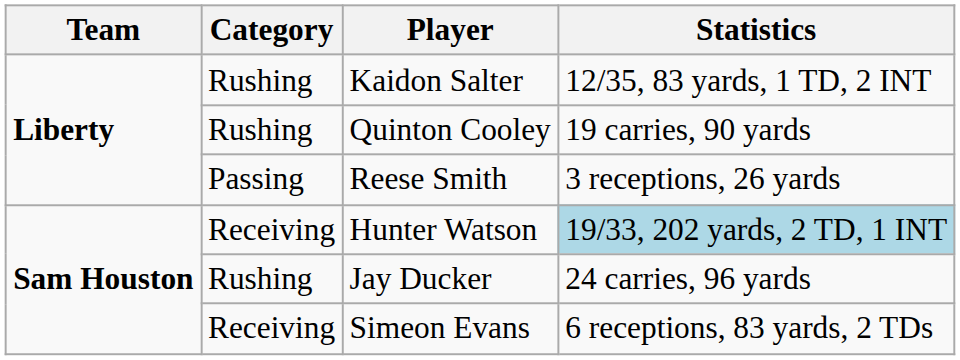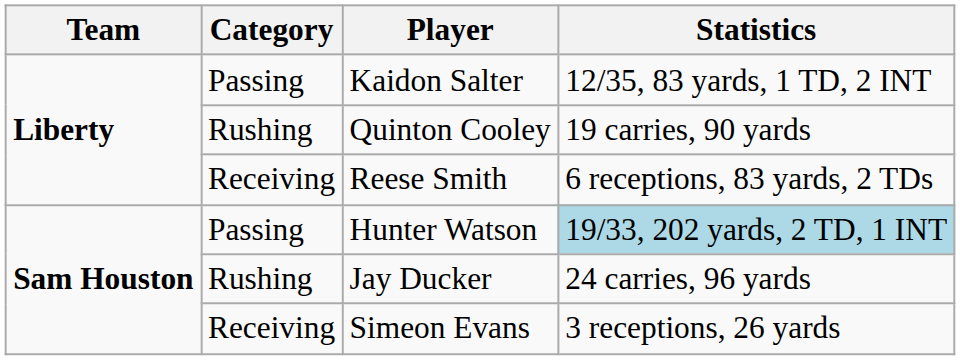 <table class="wikitable" style="float: right;">
 <tr>
 <th>Team</th>
 <th>Category</th>
 <th>Player</th>
 <th>Statistics</th>
 </tr>
 <tr>
 <td rowspan=3><strong>Liberty</strong></td>
-<td>Rushing</td>
+<td>Passing</td>
 <td>Kaidon Salter</td>
 <td>12/35, 83 yards, 1 TD, 2 INT</td>
 </tr>
 <tr>
 <td>Rushing</td>
 <td>Quinton Cooley</td>
 <td>19 carries, 90 yards</td>
 </tr>
 <tr>
-<td>Passing</td>
+<td>Receiving</td>
 <td>Reese Smith</td>
-<td>3 receptions, 26 yards</td>
+<td>6 receptions, 83 yards, 2 TDs</td>
 </tr>
 <tr>
 <td rowspan=3><strong>Sam Houston</strong></td>
-<td>Receiving</td>
+<td>Passing</td>
 <td>Hunter Watson</td>
 <td style="background: lightblue;">19/33, 202 yards, 2 TD, 1 INT</td>
 </tr>
 <tr>
 <td>Rushing</td>
 <td>Jay Ducker</td>
 <td>24 carries, 96 yards</td>
 </tr>
 <tr>
 <td>Receiving</td>
 <td>Simeon Evans</td>
-<td>6 receptions, 83 yards, 2 TDs</td>
+<td>3 receptions, 26 yards</td>
 </tr>
 </table>
